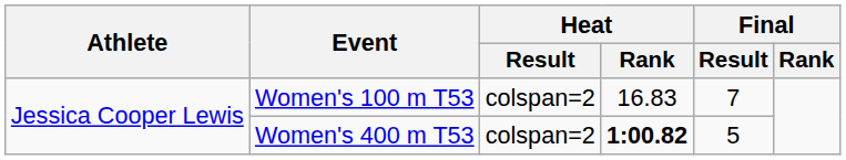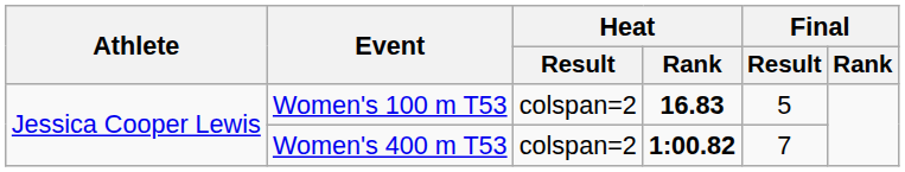 <table class="wikitable" style="font-size:90%">
 <tr>
 <th rowspan="2">Athlete</th>
 <th rowspan="2">Event</th>
 <th colspan="2">Heat</th>
 <th colspan="2">Final</th>
 </tr>
 <tr style="font-size:95%">
 <th>Result</th>
 <th>Rank</th>
 <th>Result</th>
 <th>Rank</th>
 </tr>
 <tr align=center>
 <td align=left rowspan=2><a href='#'>Jessica Cooper Lewis</a></td>
 <td align=left><a href='#'>Women's 100 m T53</a></td>
 <td>colspan=2 </td>
-<td>16.83</td>
-<td>7</td>
+<td><strong>16.83</strong></td>
+<td>5</td>
 </tr>
 <tr align=center>
 <td align=left><a href='#'>Women's 400 m T53</a></td>
 <td>colspan=2 </td>
 <td><strong>1:00.82</strong></td>
-<td>5</td>
+<td>7</td>
 </tr>
 </table>
